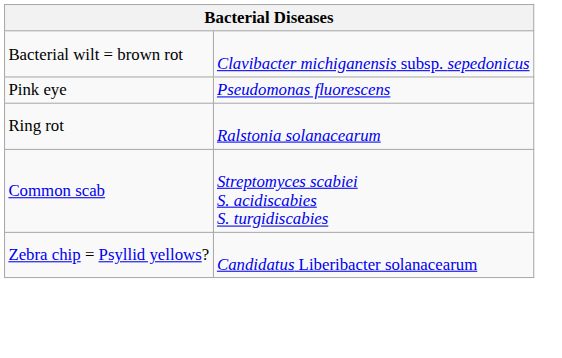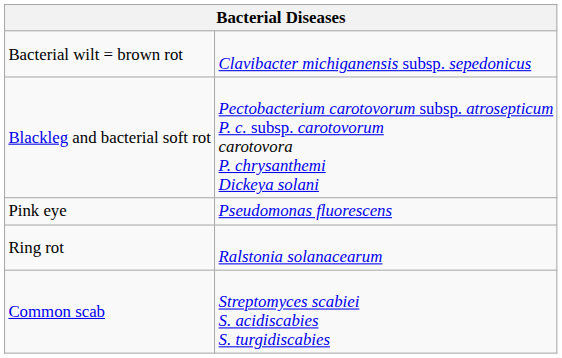 <table class="wikitable" style="clear:left">
 <tr>
 <th colspan=2><strong>Bacterial Diseases</strong><br></th>
 </tr>
 <tr>
 <td>Bacterial wilt = brown rot</td>
 <td><br><a href='#'><em>Clavibacter michiganensis</em> subsp. <em>sepedonicus</em></a> <br></td>
+</tr>
+<tr>
+<td align='top'><a href='#'>Blackleg</a> and bacterial soft rot</td>
+<td><br><a href='#'><em>Pectobacterium carotovorum</em> subsp. <em>atrosepticum</em></a> <br><a href='#'><em>P. c.</em> subsp. <em>carotovorum</em></a> <br><em>carotovora</em><br> <em><a href='#'>P. chrysanthemi</a></em> <br><em><a href='#'>Dickeya solani</a></em> </td>
 </tr>
 <tr>
 <td>Pink eye</td>
 <td><em><a href='#'>Pseudomonas fluorescens</a></em></td>
 </tr>
 <tr>
 <td>Ring rot</td>
 <td><br><em><a href='#'>Ralstonia solanacearum</a></em><br></td>
 </tr>
 <tr>
 <td><a href='#'>Common scab</a></td>
 <td><br><em><a href='#'>Streptomyces scabiei</a></em> <br><em><a href='#'>S. acidiscabies</a></em><br> <em><a href='#'>S. turgidiscabies</a></em></td>
 </tr>
-<tr>
-<td><a href='#'>Zebra chip</a> = <a href='#'>Psyllid yellows</a>?</td>
-<td><br><a href='#'><em>Candidatus</em> Liberibacter solanacearum</a></td>
-</tr>
 </table>
